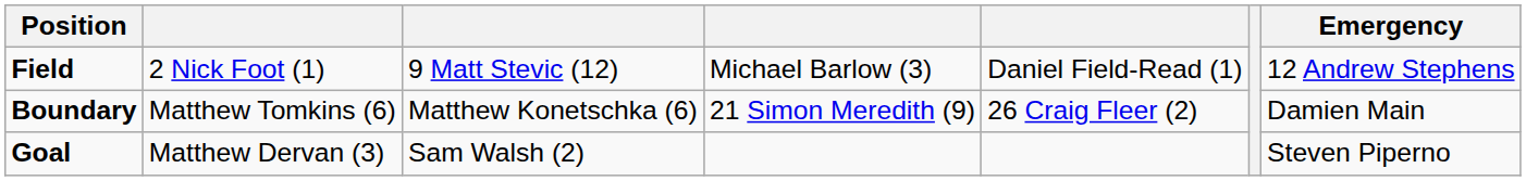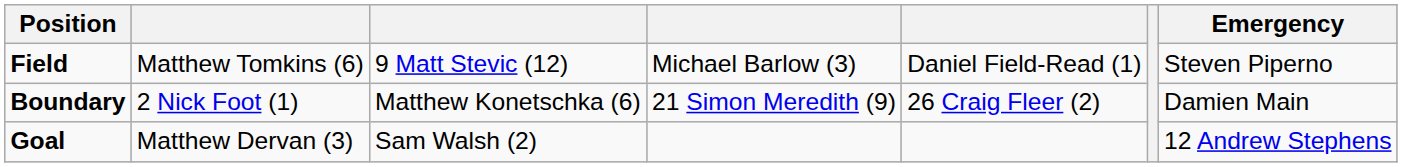 <table class="wikitable">
 <tr>
 <th><strong>Position</strong></th>
 <th></th>
 <th></th>
 <th></th>
 <th></th>
 <th rowspan="4"></th>
 <th><strong>Emergency</strong></th>
 </tr>
 <tr>
 <td><strong>Field</strong></td>
-<td>2 <a href='#'>Nick Foot</a> (1)</td>
+<td>Matthew Tomkins (6)</td>
 <td>9 <a href='#'>Matt Stevic</a> (12)</td>
 <td>Michael Barlow (3)</td>
 <td>Daniel Field-Read (1)</td>
-<td>12 <a href='#'>Andrew Stephens</a></td>
+<td>Steven Piperno</td>
 </tr>
 <tr>
 <td><strong>Boundary</strong></td>
-<td>Matthew Tomkins (6)</td>
+<td>2 <a href='#'>Nick Foot</a> (1)</td>
 <td>Matthew Konetschka (6)</td>
 <td>21 <a href='#'>Simon Meredith</a> (9)</td>
 <td>26 <a href='#'>Craig Fleer</a> (2)</td>
 <td>Damien Main</td>
 </tr>
 <tr>
 <td><strong>Goal</strong></td>
 <td>Matthew Dervan (3)</td>
 <td>Sam Walsh (2)</td>
 <td></td>
 <td></td>
-<td>Steven Piperno</td>
+<td>12 <a href='#'>Andrew Stephens</a></td>
 </tr>
 </table>
